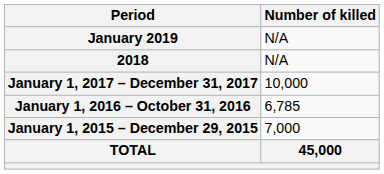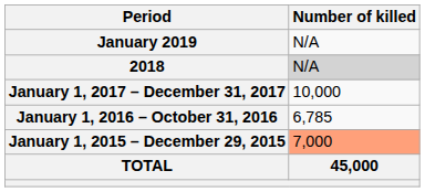 <table class="wikitable" align="center" style="margin:0 1em 0.5em 0;">
 <tr>
 <th>Period</th>
 <th>Number of killed</th>
 </tr>
 <tr>
 <th>January 2019</th>
 <td>N/A</td>
 </tr>
 <tr>
 <th>2018</th>
-<td>N/A</td>
+<td style="background: lightgrey;">N/A</td>
 </tr>
 <tr>
 <th>January 1, 2017 – December 31, 2017</th>
 <td>10,000</td>
 </tr>
 <tr>
 <th>January 1, 2016 – October 31, 2016</th>
 <td>6,785</td>
 </tr>
 <tr>
 <th>January 1, 2015 – December 29, 2015</th>
-<td>7,000</td>
+<td style="background: lightsalmon;">7,000</td>
 </tr>
 <tr>
 <th><span>TOTAL</span></th>
 <th>45,000</th>
 </tr>
 <tr>
 <th colspan="5"></th>
 </tr>
 </table>
